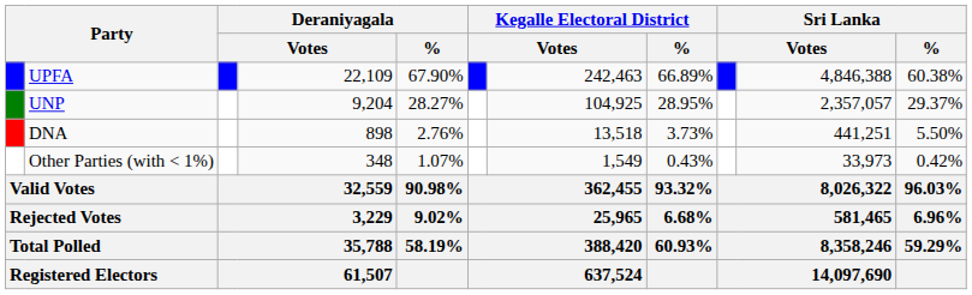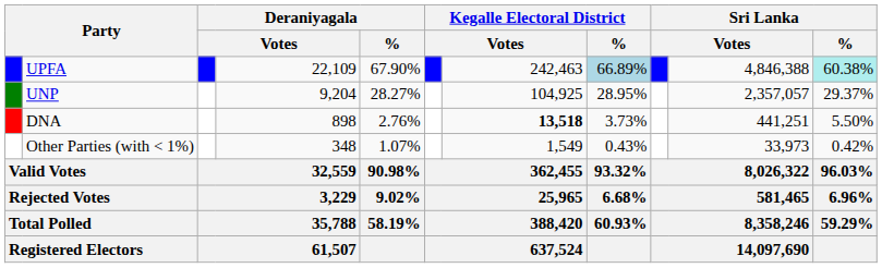 <table class="wikitable">
 <tr>
 <th colspan="2" width="144px"rowspan="2">Party</th>
 <th colspan="3" width="216px">Deraniyagala</th>
 <th colspan="3" width="216px"><a href='#'>Kegalle Electoral District</a></th>
 <th colspan="3" width="216px">Sri Lanka</th>
 </tr>
 <tr>
 <th colspan="2" width="144px">Votes</th>
 <th>%</th>
 <th colspan="2" width="144px">Votes</th>
 <th>%</th>
 <th colspan="2" width="144px">Votes</th>
 <th>%</th>
 </tr>
 <tr>
 <td style="background-color:blue;" width="10px"></td>
 <td style="text-align:left;"><a href='#'>UPFA</a></td>
 <td style="background-color:blue;" width="10px"></td>
 <td style="text-align:right;">22,109</td>
 <td style="text-align:right;">67.90%</td>
 <td style="background-color:blue;" width="10px"></td>
 <td style="text-align:right;">242,463</td>
-<td style="text-align:right;">66.89%</td>
+<td style="background: lightblue; text-align:right;">66.89%</td>
 <td style="background-color:blue;" width="10px"></td>
 <td style="text-align:right;">4,846,388</td>
-<td style="text-align:right;">60.38%</td>
+<td style="background: paleturquoise; text-align:right;">60.38%</td>
 </tr>
 <tr>
 <td style="background-color:green;" width="10px"></td>
 <td style="text-align:left;"><a href='#'>UNP</a></td>
 <td style="background-color:white;" width="10px"></td>
 <td style="text-align:right;">9,204</td>
 <td style="text-align:right;">28.27%</td>
 <td style="background-color:white;" width="10px"></td>
 <td style="text-align:right;">104,925</td>
 <td style="text-align:right;">28.95%</td>
 <td style="background-color:white;" width="10px"></td>
 <td style="text-align:right;">2,357,057</td>
 <td style="text-align:right;">29.37%</td>
 </tr>
 <tr>
 <td style="background-color:red;" width="10px"></td>
 <td style="text-align:left;">DNA</td>
 <td style="background-color:white;" width="10px"></td>
 <td style="text-align:right;">898</td>
 <td style="text-align:right;">2.76%</td>
 <td style="background-color:white;" width="10px"></td>
-<td style="text-align:right;">13,518</td>
+<td style="text-align:right;"><strong>13,518</strong></td>
 <td style="text-align:right;">3.73%</td>
 <td style="background-color:white;" width="10px"></td>
 <td style="text-align:right;">441,251</td>
 <td style="text-align:right;">5.50%</td>
 </tr>
 <tr>
 <td style="background-color:white;" width="10px"></td>
 <td style="text-align:left;">Other Parties (with < 1%)</td>
 <td style="background-color:white;" width="10px"></td>
 <td style="text-align:right;">348</td>
 <td style="text-align:right;">1.07%</td>
 <td style="background-color:white;" width="10px"></td>
 <td style="text-align:right;">1,549</td>
 <td style="text-align:right;">0.43%</td>
 <td style="background-color:white;" width="10px"></td>
 <td style="text-align:right;">33,973</td>
 <td style="text-align:right;">0.42%</td>
 </tr>
 <tr>
 <th colspan="2" width="144px"style="text-align:left;">Valid Votes</th>
 <th style="text-align:right;"colspan="2" width="144px">32,559</th>
 <th style="text-align:right;">90.98%</th>
 <th style="text-align:right;"colspan="2" width="144px">362,455</th>
 <th style="text-align:right;">93.32%</th>
 <th style="text-align:right;"colspan="2" width="144px">8,026,322</th>
 <th style="text-align:right;">96.03%</th>
 </tr>
 <tr>
 <th colspan="2" width="144px"style="text-align:left;">Rejected Votes</th>
 <th style="text-align:right;"colspan="2" width="144px">3,229</th>
 <th style="text-align:right;">9.02%</th>
 <th style="text-align:right;"colspan="2" width="144px">25,965</th>
 <th style="text-align:right;">6.68%</th>
 <th style="text-align:right;"colspan="2" width="144px">581,465</th>
 <th style="text-align:right;">6.96%</th>
 </tr>
 <tr>
 <th colspan="2" width="144px"style="text-align:left;">Total Polled</th>
 <th style="text-align:right;"colspan="2" width="144px">35,788</th>
 <th style="text-align:right;">58.19%</th>
 <th style="text-align:right;"colspan="2" width="144px">388,420</th>
 <th style="text-align:right;">60.93%</th>
 <th style="text-align:right;"colspan="2" width="144px">8,358,246</th>
 <th style="text-align:right;">59.29%</th>
 </tr>
 <tr>
 <th colspan="2" width="144px"style="text-align:left;">Registered Electors</th>
 <th style="text-align:right;"colspan="2" width="144px">61,507</th>
 <th></th>
 <th style="text-align:right;"colspan="2" width="144px">637,524</th>
 <th></th>
 <th style="text-align:right;"colspan="2" width="144px">14,097,690</th>
 <th></th>
 </tr>
 </table>
